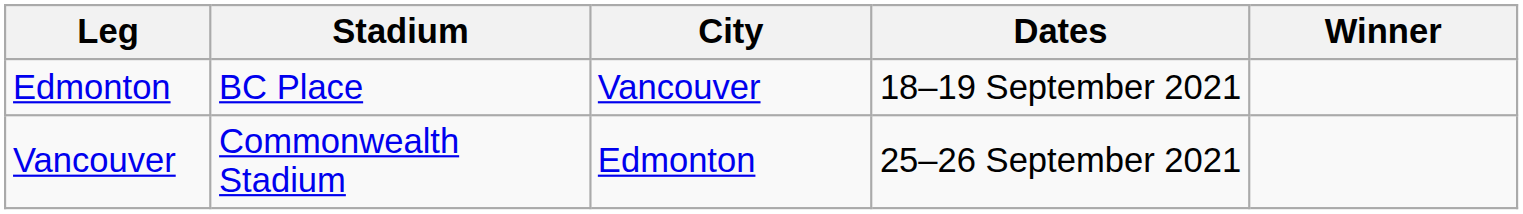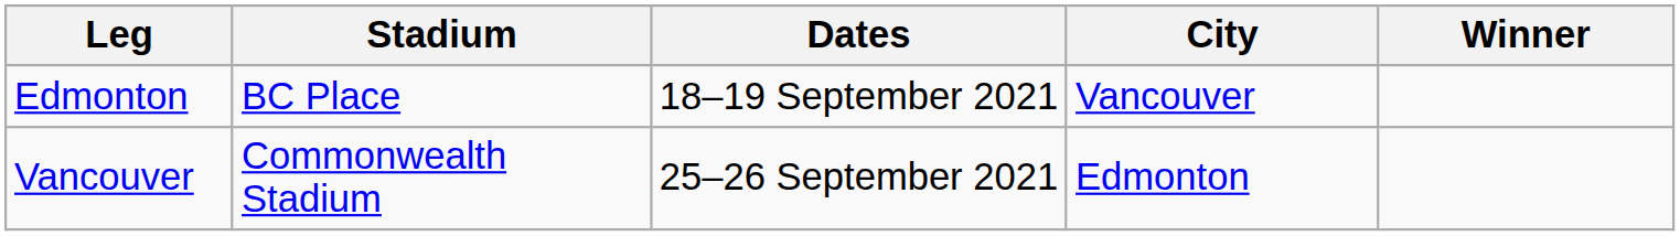 <table class="wikitable sortable" text-align:left;">
 <tr bgcolor="#efefef">
 <th style="width:5.5em;">Leg</th>
 <th style="width:10.5em;">Stadium</th>
+<th>Dates</th>
 <th style="width:7.7em;">City</th>
-<th>Dates</th>
 <th style="width:7.3em;">Winner</th>
 </tr>
 <tr>
 <td><a href='#'>Edmonton</a></td>
 <td><a href='#'>BC Place</a></td>
+<td align=center>18–19 September 2021</td>
 <td><a href='#'>Vancouver</a></td>
-<td align=center>18–19 September 2021</td>
 <td></td>
 </tr>
 <tr>
 <td><a href='#'>Vancouver</a></td>
 <td><a href='#'>Commonwealth Stadium</a></td>
+<td align=center>25–26 September 2021</td>
 <td><a href='#'>Edmonton</a></td>
-<td align=center>25–26 September 2021</td>
 <td></td>
 </tr>
 </table>
